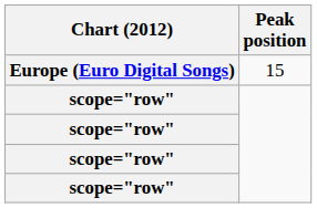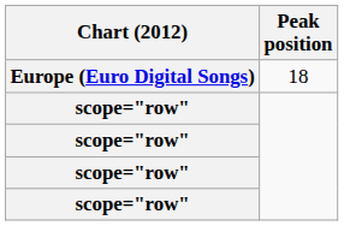 <table class="wikitable sortable plainrowheaders">
 <tr>
 <th>Chart (2012)</th>
 <th>Peak<br>position</th>
 </tr>
 <tr>
 <th scope="row">Europe (<a href='#'>Euro Digital Songs</a>)</th>
-<td style="text-align:center;">15</td>
+<td style="text-align:center;">18</td>
 </tr>
 <tr>
 <th>scope="row"</th>
 </tr>
 <tr>
 <th>scope="row"</th>
 </tr>
 <tr>
 <th>scope="row"</th>
 </tr>
 <tr>
 <th>scope="row"</th>
 </tr>
 </table>
